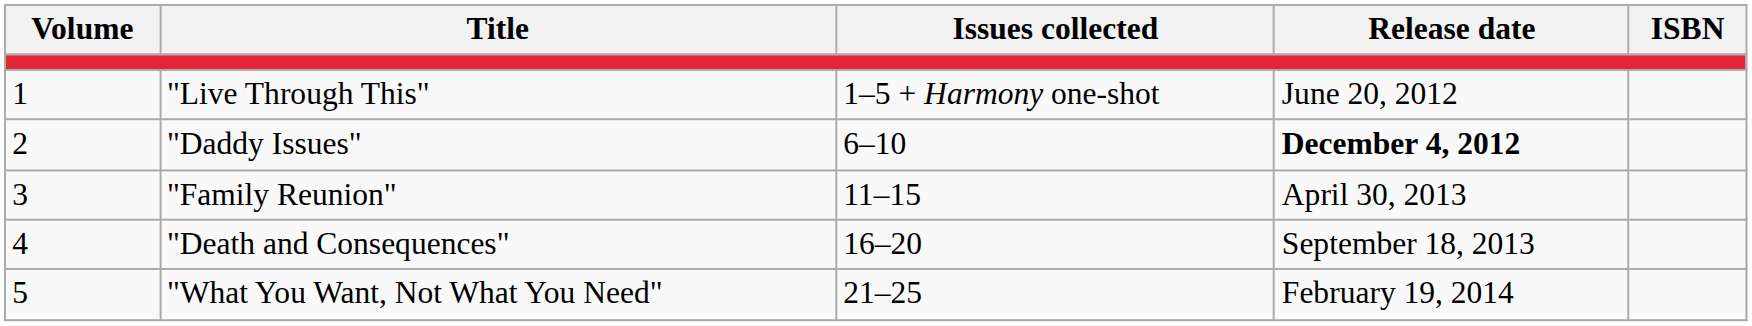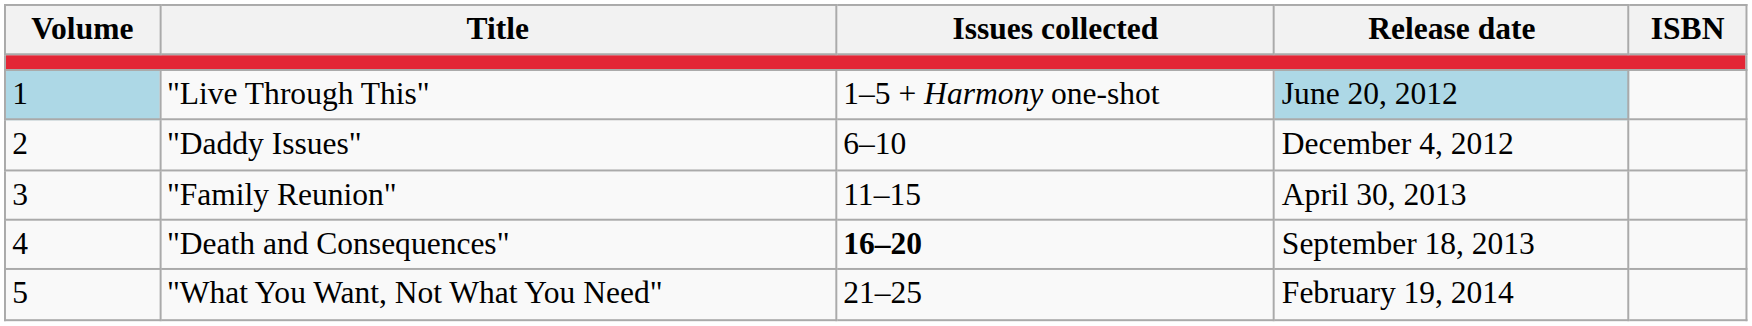 <table class="wikitable" style="width:70%">
 <tr>
 <th>Volume</th>
 <th>Title</th>
 <th>Issues collected</th>
 <th>Release date</th>
 <th>ISBN</th>
 </tr>
 <tr>
 <td colspan="6" style="background:#e32636;"></td>
 </tr>
 <tr>
-<td>1</td>
+<td style="background: lightblue;">1</td>
 <td>"Live Through This"</td>
 <td>1–5 + <em>Harmony</em> one-shot</td>
-<td>June 20, 2012</td>
+<td style="background: lightblue;">June 20, 2012</td>
 <td></td>
 </tr>
 <tr>
 <td>2</td>
 <td>"Daddy Issues"</td>
 <td>6–10</td>
-<td><strong>December 4, 2012</strong></td>
+<td>December 4, 2012</td>
 <td></td>
 </tr>
 <tr>
 <td>3</td>
 <td>"Family Reunion"</td>
 <td>11–15</td>
 <td>April 30, 2013</td>
 <td></td>
 </tr>
 <tr>
 <td>4</td>
 <td>"Death and Consequences"</td>
-<td>16–20</td>
+<td><strong>16–20</strong></td>
 <td>September 18, 2013</td>
 <td></td>
 </tr>
 <tr>
 <td>5</td>
 <td>"What You Want, Not What You Need"</td>
 <td>21–25</td>
 <td>February 19, 2014</td>
 <td></td>
 </tr>
 </table>
